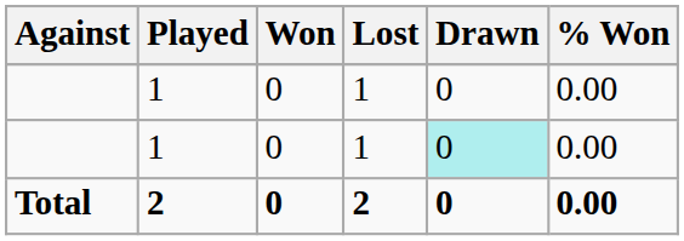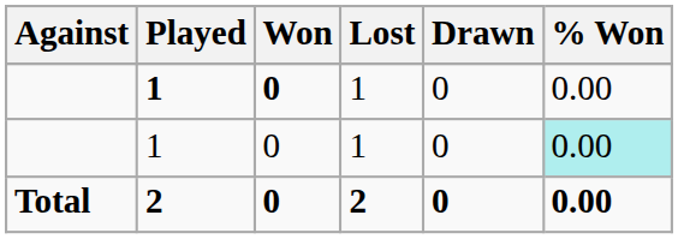 <table class="sortable wikitable" style="font-size: 87%;">
 <tr>
 <th>Against</th>
 <th>Played</th>
 <th>Won</th>
 <th>Lost</th>
 <th>Drawn</th>
 <th>% Won</th>
 </tr>
 <tr bgcolor="#d0ffd0" align="center">
 </tr>
 <tr>
 <td align="left"></td>
-<td>1</td>
-<td>0</td>
+<td><strong>1</strong></td>
+<td><strong>0</strong></td>
 <td>1</td>
 <td>0</td>
 <td>0.00</td>
 </tr>
 <tr>
 <td align="left"></td>
 <td>1</td>
 <td>0</td>
 <td>1</td>
-<td style="background: paleturquoise;">0</td>
-<td>0.00</td>
+<td>0</td>
+<td style="background: paleturquoise;">0.00</td>
 </tr>
 <tr>
 <td align="left"><strong>Total</strong></td>
 <td><strong>2</strong></td>
 <td><strong>0</strong></td>
 <td><strong>2</strong></td>
 <td><strong>0</strong></td>
 <td><strong>0.00</strong></td>
 </tr>
 </table>
